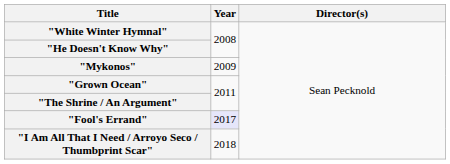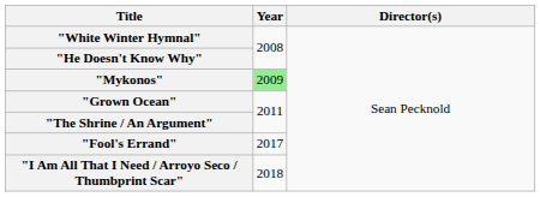 <table class="wikitable plainrowheaders" style="text-align:center;">
 <tr>
 <th scope="col" style="width:18em;">Title</th>
 <th scope="col">Year</th>
 <th scope="col" style="width:18em;">Director(s)</th>
 </tr>
 <tr>
 <th scope="row">"White Winter Hymnal"</th>
 <td rowspan="2">2008</td>
 <td rowspan="7">Sean Pecknold</td>
 </tr>
 <tr>
 <th scope="row">"He Doesn't Know Why"</th>
 </tr>
 <tr>
 <th scope="row">"Mykonos"</th>
-<td>2009</td>
+<td style="background: lightgreen;">2009</td>
 </tr>
 <tr>
 <th scope="row">"Grown Ocean"</th>
 <td rowspan="2">2011</td>
 </tr>
 <tr>
 <th scope="row">"The Shrine / An Argument"</th>
 </tr>
 <tr>
 <th scope="row">"Fool's Errand"</th>
-<td style="background: lavender;">2017</td>
+<td>2017</td>
 </tr>
 <tr>
 <th scope="row">"I Am All That I Need / Arroyo Seco / Thumbprint Scar"</th>
 <td>2018</td>
 </tr>
 </table>
